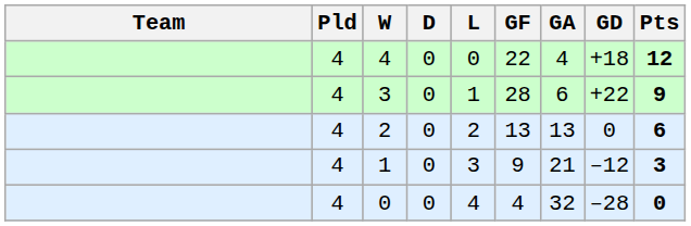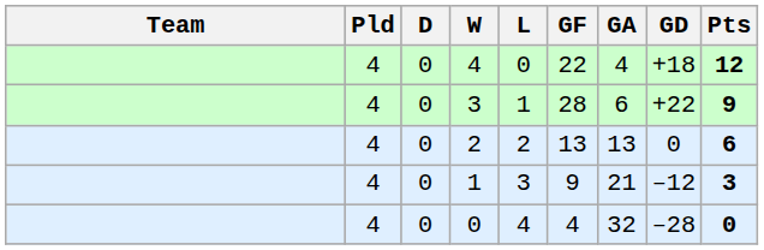 <table class=wikitable style="text-align:center">
 <tr>
 <th width=175>Team</th>
 <th width=20>Pld</th>
+<th width=20>D</th>
 <th width=20>W</th>
-<th width=20>D</th>
 <th width=20>L</th>
 <th width=20>GF</th>
 <th width=20>GA</th>
 <th width=20>GD</th>
 <th width=20>Pts</th>
 </tr>
 <tr bgcolor=ccffcc>
 <td align=left></td>
 <td>4</td>
+<td>0</td>
 <td>4</td>
-<td>0</td>
 <td>0</td>
 <td>22</td>
 <td>4</td>
 <td>+18</td>
 <td><strong>12</strong></td>
 </tr>
 <tr bgcolor=ccffcc>
 <td align=left></td>
 <td>4</td>
+<td>0</td>
 <td>3</td>
-<td>0</td>
 <td>1</td>
 <td>28</td>
 <td>6</td>
 <td>+22</td>
 <td><strong>9</strong></td>
 </tr>
 <tr bgcolor=dfefff>
 <td align=left></td>
 <td>4</td>
+<td>0</td>
 <td>2</td>
-<td>0</td>
 <td>2</td>
 <td>13</td>
 <td>13</td>
 <td>0</td>
 <td><strong>6</strong></td>
 </tr>
 <tr bgcolor=dfefff>
 <td align=left></td>
 <td>4</td>
+<td>0</td>
 <td>1</td>
-<td>0</td>
 <td>3</td>
 <td>9</td>
 <td>21</td>
 <td>–12</td>
 <td><strong>3</strong></td>
 </tr>
 <tr bgcolor=dfefff>
 <td align=left></td>
 <td>4</td>
 <td>0</td>
 <td>0</td>
 <td>4</td>
 <td>4</td>
 <td>32</td>
 <td>–28</td>
 <td><strong>0</strong></td>
 </tr>
 </table>
